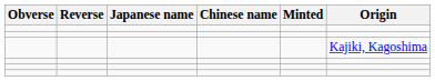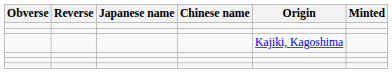 <table class="wikitable">
 <tr>
 <th>Obverse</th>
 <th>Reverse</th>
 <th>Japanese name</th>
 <th>Chinese name</th>
+<th>Origin</th>
 <th>Minted</th>
-<th>Origin</th>
 </tr>
 <tr>
 <td></td>
 <td></td>
 <td></td>
 <td></td>
 <td></td>
 <td></td>
 </tr>
 <tr>
 <td></td>
 <td></td>
 <td></td>
 <td></td>
 <td></td>
 <td></td>
 </tr>
 <tr>
 <td></td>
 <td></td>
 <td></td>
 <td></td>
+<td><a href='#'>Kajiki, Kagoshima</a></td>
 <td></td>
-<td><a href='#'>Kajiki, Kagoshima</a></td>
 </tr>
 <tr>
 <td></td>
 <td></td>
 <td></td>
 <td></td>
 <td></td>
 <td></td>
 </tr>
 <tr>
 <td></td>
 <td></td>
 <td></td>
 <td></td>
 <td></td>
 <td></td>
 </tr>
 <tr>
 <td></td>
 <td></td>
 <td {{center></td>
 <td></td>
 <td></td>
 <td></td>
 </tr>
 </table>
